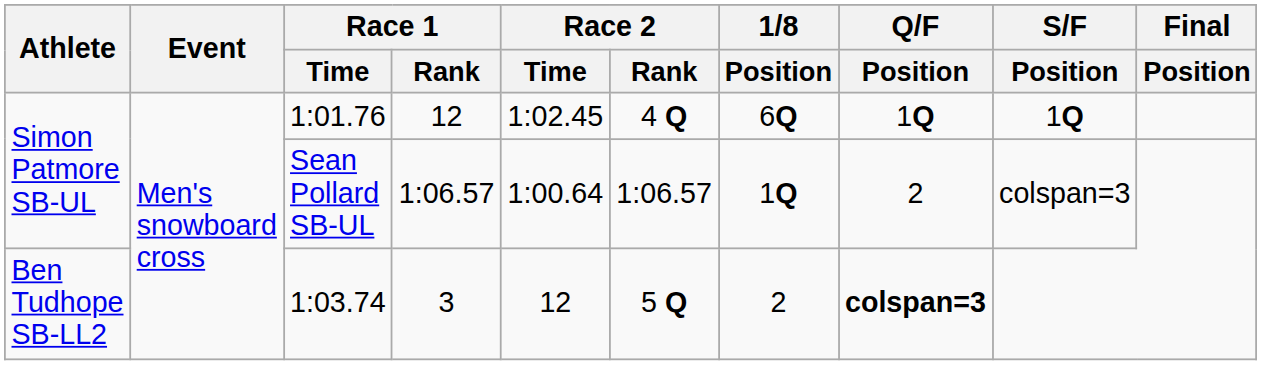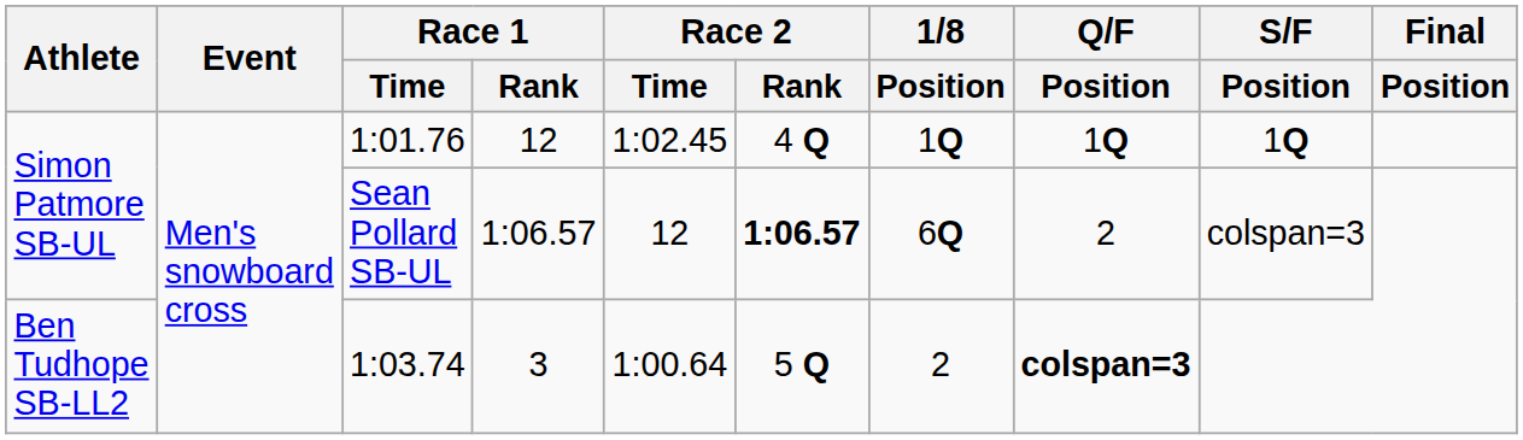 <table class="wikitable">
 <tr>
 <th rowspan="2">Athlete</th>
 <th rowspan="2">Event</th>
 <th colspan=2>Race 1</th>
 <th colspan=2>Race 2</th>
 <th>1/8</th>
 <th>Q/F</th>
 <th>S/F</th>
 <th>Final</th>
 </tr>
 <tr style="font-size:95%">
 <th>Time</th>
 <th>Rank</th>
 <th>Time</th>
 <th>Rank</th>
 <th>Position</th>
 <th>Position</th>
 <th>Position</th>
 <th>Position</th>
 </tr>
 <tr style="text-align:center;">
 <td style="text-align:left;" rowspan="2"><a href='#'>Simon Patmore</a>  <br> <a href='#'>SB-UL</a></td>
 <td style="text-align:left;" rowspan="3"><a href='#'>Men's snowboard cross</a></td>
 <td>1:01.76</td>
 <td>12</td>
 <td>1:02.45</td>
 <td>4 <strong>Q</strong></td>
-<td>6<strong>Q</strong></td>
+<td>1<strong>Q</strong></td>
 <td>1<strong>Q</strong></td>
 <td>1<strong>Q</strong></td>
 <td></td>
 </tr>
 <tr style="text-align:center;">
 <td align="left"><a href='#'>Sean Pollard</a> <br> <a href='#'>SB-UL</a></td>
 <td>1:06.57</td>
-<td>1:00.64</td>
-<td>1:06.57</td>
-<td>1<strong>Q</strong></td>
+<td>12</td>
+<td><strong>1:06.57</strong></td>
+<td>6<strong>Q</strong></td>
 <td>2</td>
 <td>colspan=3 </td>
 </tr>
 <tr style="text-align:center;">
 <td align="left"><a href='#'>Ben Tudhope</a> <br> <a href='#'>SB-LL2</a></td>
 <td>1:03.74</td>
 <td>3</td>
-<td>12</td>
+<td>1:00.64</td>
 <td>5 <strong>Q</strong></td>
 <td>2</td>
 <td><strong>colspan=3</strong></td>
 </tr>
 </table>
